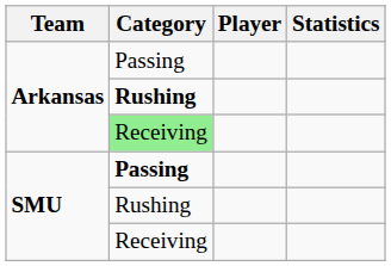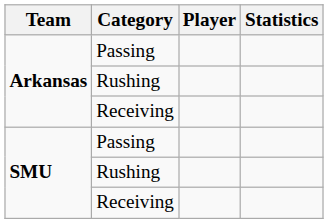 <table class="wikitable" style="float: right;">
 <tr>
 <th>Team</th>
 <th>Category</th>
 <th>Player</th>
 <th>Statistics</th>
 </tr>
 <tr>
 <td rowspan=3><strong>Arkansas</strong></td>
 <td>Passing</td>
 <td></td>
 <td></td>
 </tr>
 <tr>
-<td><strong>Rushing</strong></td>
+<td>Rushing</td>
 <td></td>
 <td></td>
 </tr>
 <tr>
-<td style="background: lightgreen;">Receiving</td>
+<td>Receiving</td>
 <td></td>
 <td></td>
 </tr>
 <tr>
 <td rowspan=3><strong>SMU</strong></td>
-<td><strong>Passing</strong></td>
+<td>Passing</td>
 <td></td>
 <td></td>
 </tr>
 <tr>
 <td>Rushing</td>
 <td></td>
 <td></td>
 </tr>
 <tr>
 <td>Receiving</td>
 <td></td>
 <td></td>
 </tr>
 </table>
